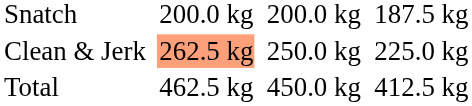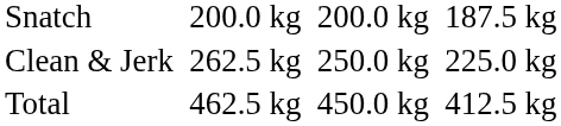 <table>
 <tr>
 <td>Snatch</td>
 <td></td>
 <td>200.0 kg</td>
 <td></td>
 <td>200.0 kg</td>
 <td></td>
 <td>187.5 kg</td>
 </tr>
 <tr>
 <td>Clean & Jerk</td>
 <td></td>
-<td style="background: lightsalmon;">262.5 kg</td>
+<td>262.5 kg</td>
 <td></td>
 <td>250.0 kg</td>
 <td></td>
 <td>225.0 kg</td>
 </tr>
 <tr>
 <td>Total</td>
 <td></td>
 <td>462.5 kg</td>
 <td></td>
 <td>450.0 kg</td>
 <td></td>
 <td>412.5 kg</td>
 </tr>
 </table>
